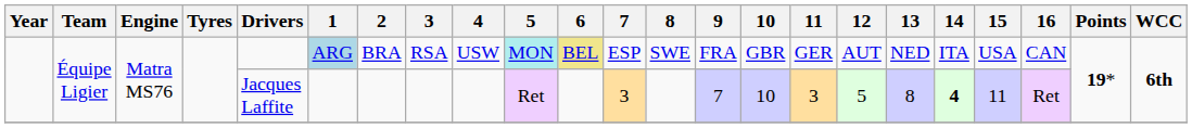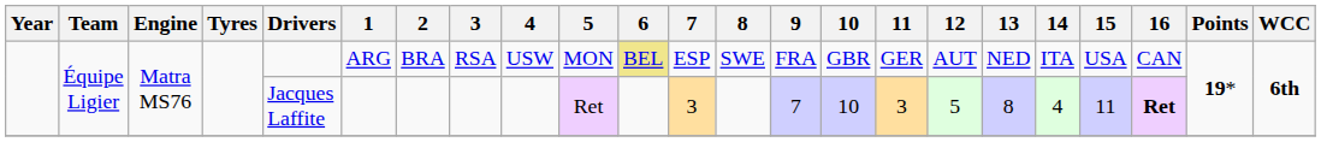 <table class="wikitable" style="text-align:center; font-size:90%">
 <tr>
 <th>Year</th>
 <th>Team</th>
 <th>Engine</th>
 <th>Tyres</th>
 <th>Drivers</th>
 <th>1</th>
 <th>2</th>
 <th>3</th>
 <th>4</th>
 <th>5</th>
 <th>6</th>
 <th>7</th>
 <th>8</th>
 <th>9</th>
 <th>10</th>
 <th>11</th>
 <th>12</th>
 <th>13</th>
 <th>14</th>
 <th>15</th>
 <th>16</th>
 <th>Points</th>
 <th>WCC</th>
 </tr>
 <tr>
 <td rowspan="2"></td>
 <td rowspan="2"><a href='#'>Équipe Ligier</a></td>
 <td rowspan="2"><a href='#'>Matra</a> MS76</td>
 <td rowspan="2"></td>
 <td></td>
-<td style="background: lightblue;"><a href='#'>ARG</a></td>
+<td><a href='#'>ARG</a></td>
 <td><a href='#'>BRA</a></td>
 <td><a href='#'>RSA</a></td>
 <td><a href='#'>USW</a></td>
-<td style="background: paleturquoise;"><a href='#'>MON</a></td>
+<td><a href='#'>MON</a></td>
 <td style="background: khaki;"><a href='#'>BEL</a></td>
 <td><a href='#'>ESP</a></td>
 <td><a href='#'>SWE</a></td>
 <td><a href='#'>FRA</a></td>
 <td><a href='#'>GBR</a></td>
 <td><a href='#'>GER</a></td>
 <td><a href='#'>AUT</a></td>
 <td><a href='#'>NED</a></td>
 <td><a href='#'>ITA</a></td>
 <td><a href='#'>USA</a></td>
 <td><a href='#'>CAN</a></td>
 <td rowspan="2"><strong>19</strong>*</td>
 <td rowspan="2"><strong>6th</strong></td>
 </tr>
 <tr>
 <td align="left"><a href='#'>Jacques Laffite</a></td>
 <td></td>
 <td></td>
 <td></td>
 <td></td>
 <td style="background:#EFCFFF;">Ret</td>
 <td></td>
 <td style="background:#FFDF9F;">3</td>
 <td></td>
 <td style="background:#CFCFFF;">7</td>
 <td style="background:#CFCFFF;">10</td>
 <td style="background:#FFDF9F;">3</td>
 <td style="background:#DFFFDF;">5</td>
 <td style="background:#CFCFFF;">8</td>
-<td style="background:#DFFFDF;"><strong>4</strong></td>
+<td style="background:#DFFFDF;">4</td>
 <td style="background:#CFCFFF;">11</td>
-<td style="background:#EFCFFF;">Ret</td>
+<td style="background:#EFCFFF;"><strong>Ret</strong></td>
 </tr>
 <tr>
 </tr>
 </table>
